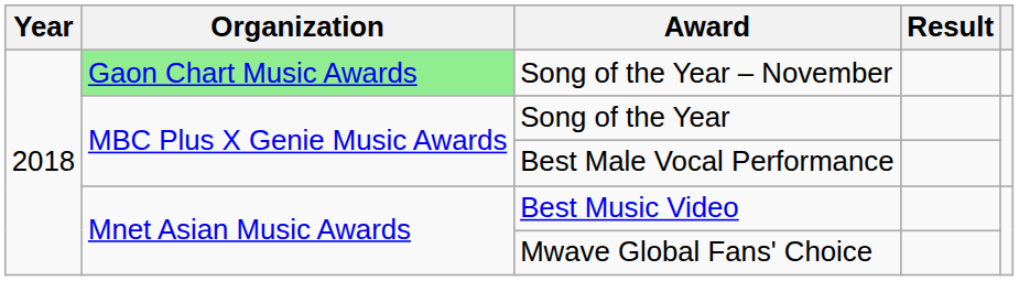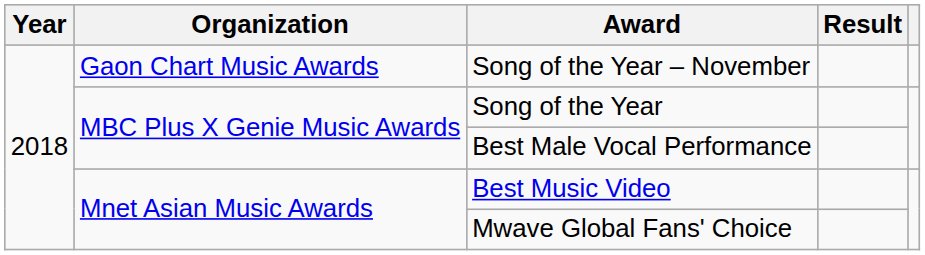 <table class="wikitable plainrowheaders">
 <tr>
 <th scope="col">Year</th>
 <th scope="col">Organization</th>
 <th scope="col">Award</th>
 <th scope="col">Result</th>
 <th class="unsortable"></th>
 </tr>
 <tr>
 <td rowspan=5>2018</td>
-<td style="background: lightgreen;"><a href='#'>Gaon Chart Music Awards</a></td>
+<td><a href='#'>Gaon Chart Music Awards</a></td>
 <td>Song of the Year – November</td>
 <td></td>
 <td align="center"></td>
 </tr>
 <tr>
 <td rowspan=2><a href='#'>MBC Plus X Genie Music Awards</a></td>
 <td>Song of the Year</td>
 <td></td>
 <td align="center" rowspan=2></td>
 </tr>
 <tr>
 <td>Best Male Vocal Performance</td>
 <td></td>
 </tr>
 <tr>
 <td rowspan=2><a href='#'>Mnet Asian Music Awards</a></td>
 <td><a href='#'>Best Music Video</a></td>
 <td></td>
 <td align="center" rowspan=2></td>
 </tr>
 <tr>
 <td>Mwave Global Fans' Choice</td>
 <td></td>
 </tr>
 </table>
